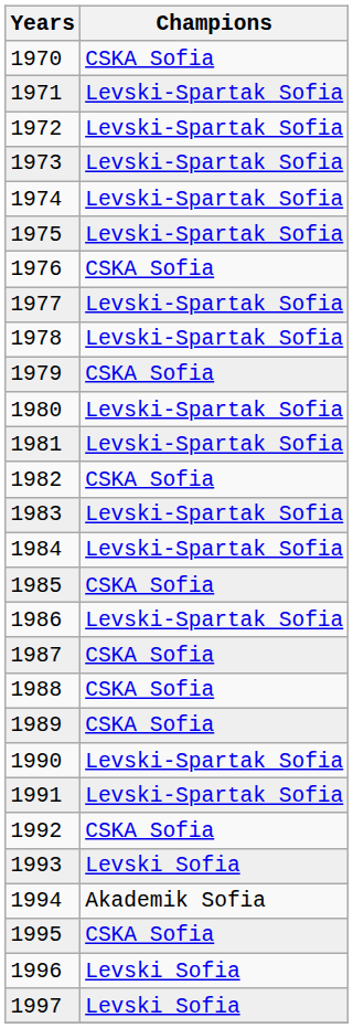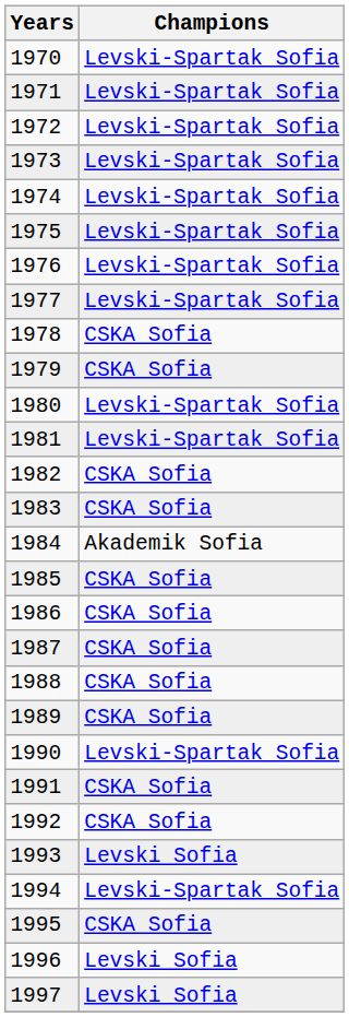 <table class="wikitable" style="display:inline-table;">
 <tr>
 <th>Years</th>
 <th>Champions</th>
 </tr>
 <tr>
 <td>1970</td>
-<td><a href='#'>CSKA Sofia</a></td>
+<td><a href='#'>Levski-Spartak Sofia</a></td>
 </tr>
 <tr style="background:#EFEFEF">
 <td>1971</td>
 <td><a href='#'>Levski-Spartak Sofia</a></td>
 </tr>
 <tr>
 <td>1972</td>
 <td><a href='#'>Levski-Spartak Sofia</a></td>
 </tr>
 <tr style="background:#EFEFEF">
 <td>1973</td>
 <td><a href='#'>Levski-Spartak Sofia</a></td>
 </tr>
 <tr>
 <td>1974</td>
 <td><a href='#'>Levski-Spartak Sofia</a></td>
 </tr>
 <tr style="background:#EFEFEF">
 <td>1975</td>
 <td><a href='#'>Levski-Spartak Sofia</a></td>
 </tr>
 <tr>
 <td>1976</td>
-<td><a href='#'>CSKA Sofia</a></td>
+<td><a href='#'>Levski-Spartak Sofia</a></td>
 </tr>
 <tr style="background:#EFEFEF">
 <td>1977</td>
 <td><a href='#'>Levski-Spartak Sofia</a></td>
 </tr>
 <tr>
 <td>1978</td>
-<td><a href='#'>Levski-Spartak Sofia</a></td>
+<td><a href='#'>CSKA Sofia</a></td>
 </tr>
 <tr style="background:#EFEFEF">
 <td>1979</td>
 <td><a href='#'>CSKA Sofia</a></td>
 </tr>
 <tr>
 <td>1980</td>
 <td><a href='#'>Levski-Spartak Sofia</a></td>
 </tr>
 <tr style="background:#EFEFEF">
 <td>1981</td>
 <td><a href='#'>Levski-Spartak Sofia</a></td>
 </tr>
 <tr>
 <td>1982</td>
 <td><a href='#'>CSKA Sofia</a></td>
 </tr>
 <tr style="background:#EFEFEF">
 <td>1983</td>
-<td><a href='#'>Levski-Spartak Sofia</a></td>
+<td><a href='#'>CSKA Sofia</a></td>
 </tr>
 <tr>
 <td>1984</td>
-<td><a href='#'>Levski-Spartak Sofia</a></td>
+<td>Akademik Sofia</td>
 </tr>
 <tr style="background:#EFEFEF">
 <td>1985</td>
 <td><a href='#'>CSKA Sofia</a></td>
 </tr>
 <tr>
 <td>1986</td>
-<td><a href='#'>Levski-Spartak Sofia</a></td>
+<td><a href='#'>CSKA Sofia</a></td>
 </tr>
 <tr style="background:#EFEFEF">
 <td>1987</td>
 <td><a href='#'>CSKA Sofia</a></td>
 </tr>
 <tr>
 <td>1988</td>
 <td><a href='#'>CSKA Sofia</a></td>
 </tr>
 <tr style="background:#EFEFEF">
 <td>1989</td>
 <td><a href='#'>CSKA Sofia</a></td>
 </tr>
 <tr>
 <td>1990</td>
 <td><a href='#'>Levski-Spartak Sofia</a></td>
 </tr>
 <tr style="background:#EFEFEF">
 <td>1991</td>
-<td><a href='#'>Levski-Spartak Sofia</a></td>
+<td><a href='#'>CSKA Sofia</a></td>
 </tr>
 <tr>
 <td>1992</td>
 <td><a href='#'>CSKA Sofia</a></td>
 </tr>
 <tr style="background:#EFEFEF">
 <td>1993</td>
 <td><a href='#'>Levski Sofia</a></td>
 </tr>
 <tr>
 <td>1994</td>
-<td>Akademik Sofia</td>
+<td><a href='#'>Levski-Spartak Sofia</a></td>
 </tr>
 <tr style="background:#EFEFEF">
 <td>1995</td>
 <td><a href='#'>CSKA Sofia</a></td>
 </tr>
 <tr>
 <td>1996</td>
 <td><a href='#'>Levski Sofia</a></td>
 </tr>
 <tr style="background:#EFEFEF">
 <td>1997</td>
 <td><a href='#'>Levski Sofia</a></td>
 </tr>
 <tr>
 </tr>
 </table>
